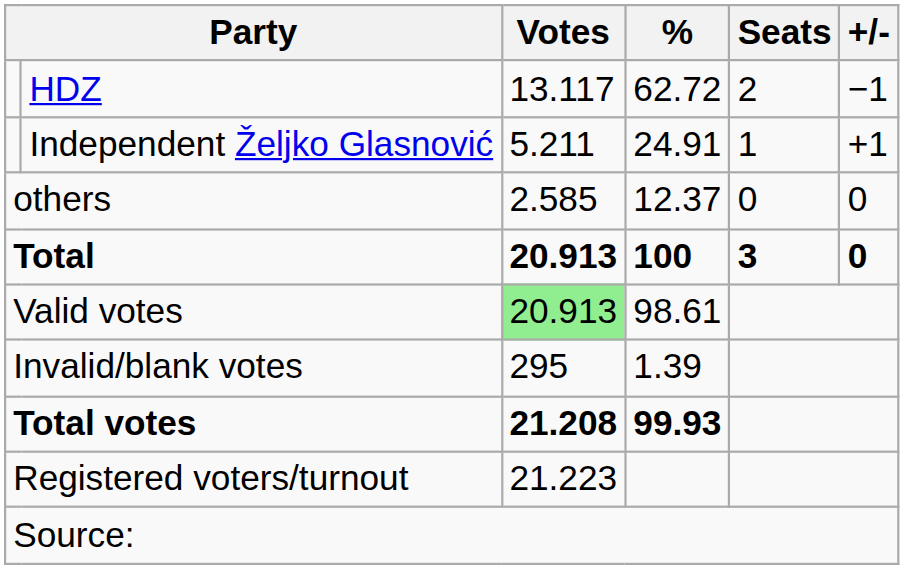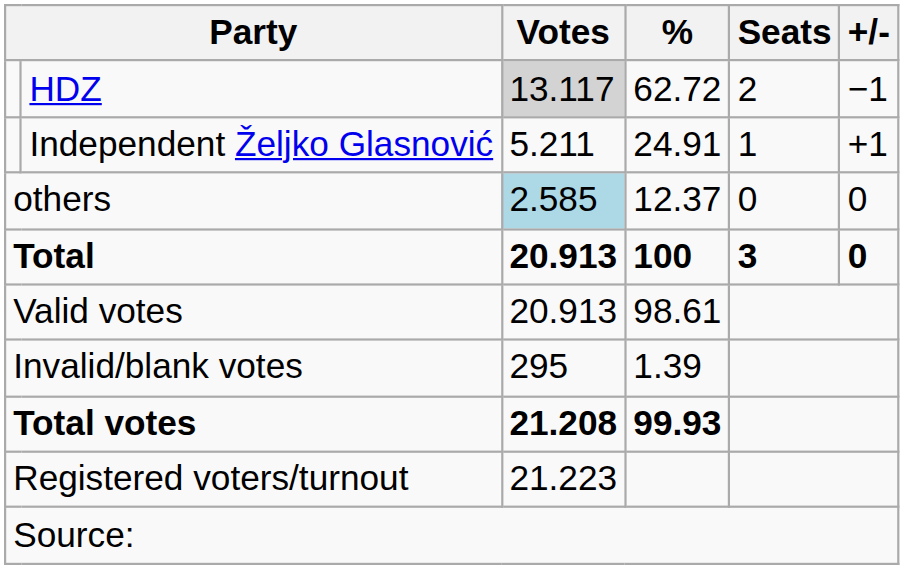 <table class="wikitable" style="text-align: left;">
 <tr>
 <th colspan="2">Party</th>
 <th>Votes</th>
 <th>%</th>
 <th>Seats</th>
 <th>+/-</th>
 </tr>
 <tr>
 <td style="background-color: "></td>
 <td><a href='#'>HDZ</a></td>
-<td>13.117</td>
+<td style="background: lightgrey;">13.117</td>
 <td>62.72</td>
 <td>2</td>
 <td>−1</td>
 </tr>
 <tr>
 <td style="background-color: "></td>
 <td>Independent <a href='#'>Željko Glasnović</a></td>
 <td>5.211</td>
 <td>24.91</td>
 <td>1</td>
 <td>+1</td>
 </tr>
 <tr>
 <td colspan="2">others</td>
-<td>2.585</td>
+<td style="background: lightblue;">2.585</td>
 <td>12.37</td>
 <td>0</td>
 <td>0</td>
 </tr>
 <tr>
 <td colspan="2"><strong>Total</strong></td>
 <td><strong>20.913</strong></td>
 <td><strong>100</strong></td>
 <td><strong>3</strong></td>
 <td><strong>0</strong></td>
 </tr>
 <tr>
 <td colspan="2">Valid votes</td>
-<td style="background: lightgreen;">20.913</td>
+<td>20.913</td>
 <td>98.61</td>
 <td colspan="2"></td>
 </tr>
 <tr>
 <td colspan="2">Invalid/blank votes</td>
 <td>295</td>
 <td>1.39</td>
 <td colspan="2"></td>
 </tr>
 <tr>
 <td colspan="2"><strong>Total votes</strong></td>
 <td><strong>21.208</strong></td>
 <td><strong>99.93</strong></td>
 <td colspan="2"></td>
 </tr>
 <tr>
 <td colspan="2">Registered voters/turnout</td>
 <td votes14="5343">21.223</td>
 <td></td>
 <td colspan="2"></td>
 </tr>
 <tr>
 <td colspan="6">Source: </td>
 </tr>
 </table>
